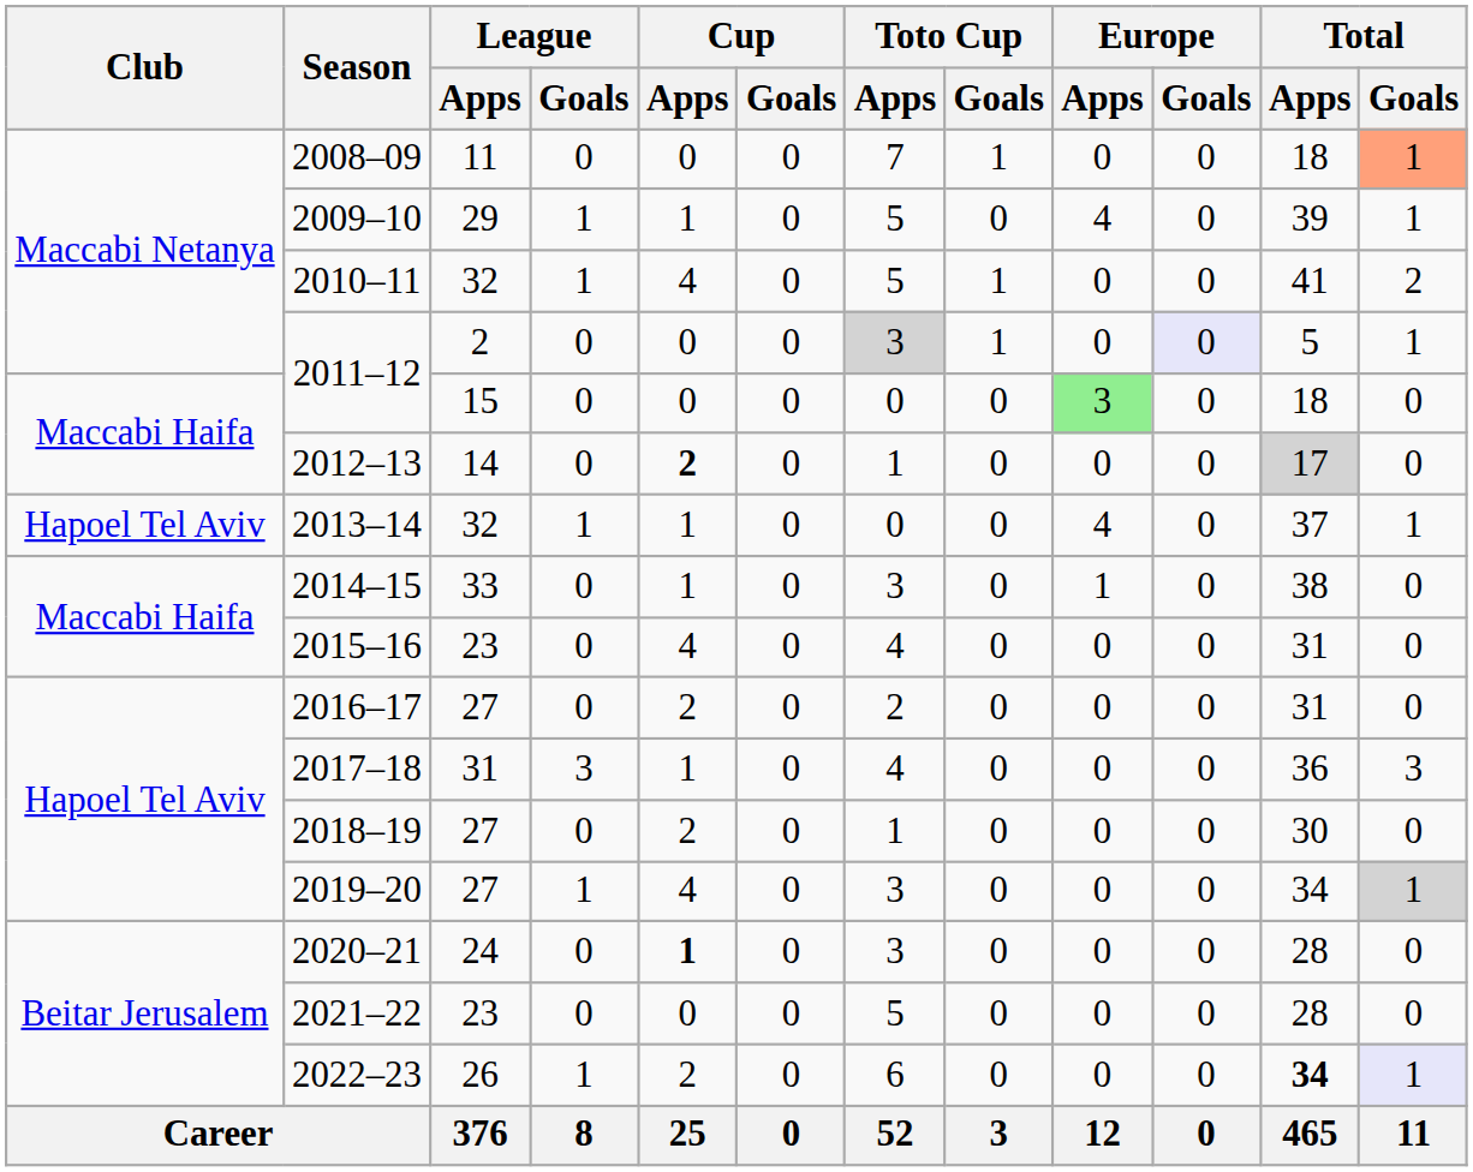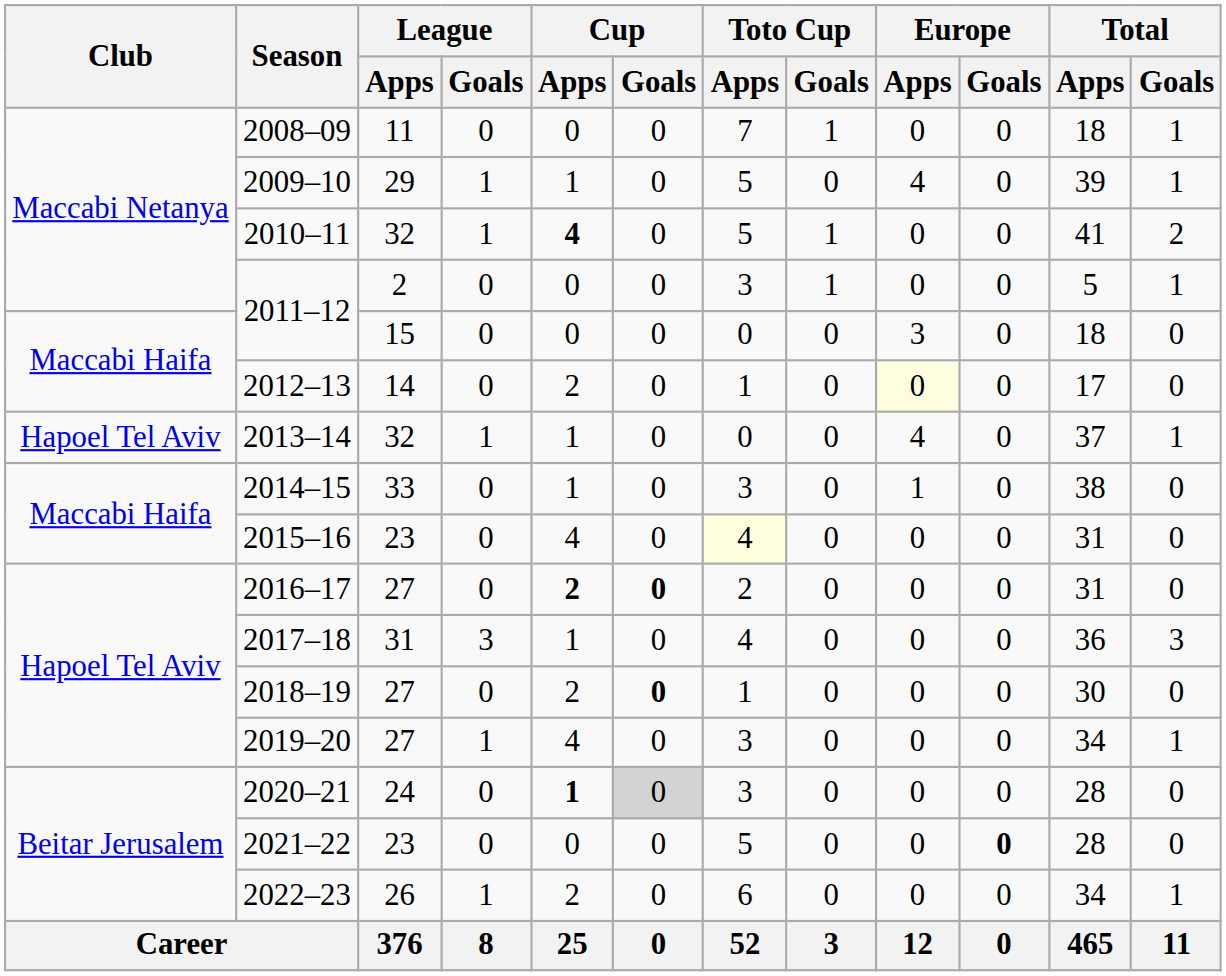 <table class="wikitable" style="font-size:90%; text-align: center;">
 <tr>
 <th rowspan="2">Club</th>
 <th rowspan="2">Season</th>
 <th colspan="2">League</th>
 <th colspan="2">Cup</th>
 <th colspan="2">Toto Cup</th>
 <th colspan="2">Europe</th>
 <th colspan="2">Total</th>
 </tr>
 <tr>
 <th>Apps</th>
 <th>Goals</th>
 <th>Apps</th>
 <th>Goals</th>
 <th>Apps</th>
 <th>Goals</th>
 <th>Apps</th>
 <th>Goals</th>
 <th>Apps</th>
 <th>Goals</th>
 </tr>
 <tr |-||-||-|>
 <td rowspan="4"><a href='#'>Maccabi Netanya</a></td>
 <td>2008–09</td>
 <td>11</td>
 <td>0</td>
 <td>0</td>
 <td>0</td>
 <td>7</td>
 <td>1</td>
 <td>0</td>
 <td>0</td>
 <td>18</td>
-<td style="background: lightsalmon;">1</td>
+<td>1</td>
 </tr>
 <tr>
 <td>2009–10</td>
 <td>29</td>
 <td>1</td>
 <td>1</td>
 <td>0</td>
 <td>5</td>
 <td>0</td>
 <td>4</td>
 <td>0</td>
 <td>39</td>
 <td>1</td>
 </tr>
 <tr>
 <td>2010–11</td>
 <td>32</td>
 <td>1</td>
-<td>4</td>
+<td><strong>4</strong></td>
 <td>0</td>
 <td>5</td>
 <td>1</td>
 <td>0</td>
 <td>0</td>
 <td>41</td>
 <td>2</td>
 </tr>
 <tr>
 <td rowspan="2">2011–12</td>
 <td>2</td>
 <td>0</td>
 <td>0</td>
 <td>0</td>
-<td style="background: lightgrey;">3</td>
+<td>3</td>
 <td>1</td>
 <td>0</td>
-<td style="background: lavender;">0</td>
+<td>0</td>
 <td>5</td>
 <td>1</td>
 </tr>
 <tr>
 <td rowspan="2"><a href='#'>Maccabi Haifa</a></td>
 <td>15</td>
 <td>0</td>
 <td>0</td>
 <td>0</td>
 <td>0</td>
 <td>0</td>
-<td style="background: lightgreen;">3</td>
+<td>3</td>
 <td>0</td>
 <td>18</td>
 <td>0</td>
 </tr>
 <tr>
 <td>2012–13</td>
 <td>14</td>
 <td>0</td>
-<td><strong>2</strong></td>
+<td>2</td>
 <td>0</td>
 <td>1</td>
 <td>0</td>
+<td style="background: lightyellow;">0</td>
 <td>0</td>
-<td>0</td>
-<td style="background: lightgrey;">17</td>
+<td>17</td>
 <td>0</td>
 </tr>
 <tr>
 <td rowspan="1"><a href='#'>Hapoel Tel Aviv</a></td>
 <td>2013–14</td>
 <td>32</td>
 <td>1</td>
 <td>1</td>
 <td>0</td>
 <td>0</td>
 <td>0</td>
 <td>4</td>
 <td>0</td>
 <td>37</td>
 <td>1</td>
 </tr>
 <tr 1>
 <td rowspan="2"><a href='#'>Maccabi Haifa</a></td>
 <td>2014–15</td>
 <td>33</td>
 <td>0</td>
 <td>1</td>
 <td>0</td>
 <td>3</td>
 <td>0</td>
 <td>1</td>
 <td>0</td>
 <td>38</td>
 <td>0</td>
 </tr>
 <tr>
 <td>2015–16</td>
 <td>23</td>
 <td>0</td>
 <td>4</td>
 <td>0</td>
-<td>4</td>
+<td style="background: lightyellow;">4</td>
 <td>0</td>
 <td>0</td>
 <td>0</td>
 <td>31</td>
 <td>0</td>
 </tr>
 <tr>
 <td rowspan="4"><a href='#'>Hapoel Tel Aviv</a></td>
 <td>2016–17</td>
 <td>27</td>
 <td>0</td>
-<td>2</td>
-<td>0</td>
+<td><strong>2</strong></td>
+<td><strong>0</strong></td>
 <td>2</td>
 <td>0</td>
 <td>0</td>
 <td>0</td>
 <td>31</td>
 <td>0</td>
 </tr>
 <tr>
 <td>2017–18</td>
 <td>31</td>
 <td>3</td>
 <td>1</td>
 <td>0</td>
 <td>4</td>
 <td>0</td>
 <td>0</td>
 <td>0</td>
 <td>36</td>
 <td>3</td>
 </tr>
 <tr>
 <td>2018–19</td>
 <td>27</td>
 <td>0</td>
 <td>2</td>
-<td>0</td>
+<td><strong>0</strong></td>
 <td>1</td>
 <td>0</td>
 <td>0</td>
 <td>0</td>
 <td>30</td>
 <td>0</td>
 </tr>
 <tr>
 <td>2019–20</td>
 <td>27</td>
 <td>1</td>
 <td>4</td>
 <td>0</td>
 <td>3</td>
 <td>0</td>
 <td>0</td>
 <td>0</td>
 <td>34</td>
-<td style="background: lightgrey;">1</td>
+<td>1</td>
 </tr>
 <tr>
 <td rowspan="3"><a href='#'>Beitar Jerusalem</a></td>
 <td>2020–21</td>
 <td>24</td>
 <td>0</td>
 <td><strong>1</strong></td>
-<td>0</td>
+<td style="background: lightgrey;">0</td>
 <td>3</td>
 <td>0</td>
 <td>0</td>
 <td>0</td>
 <td>28</td>
 <td>0</td>
 </tr>
 <tr>
 <td>2021–22</td>
 <td>23</td>
 <td>0</td>
 <td>0</td>
 <td>0</td>
 <td>5</td>
 <td>0</td>
 <td>0</td>
-<td>0</td>
+<td><strong>0</strong></td>
 <td>28</td>
 <td>0</td>
 </tr>
 <tr>
 <td>2022–23</td>
 <td>26</td>
 <td>1</td>
 <td>2</td>
 <td>0</td>
 <td>6</td>
 <td>0</td>
 <td>0</td>
 <td>0</td>
-<td><strong>34</strong></td>
-<td style="background: lavender;">1</td>
+<td>34</td>
+<td>1</td>
 </tr>
 <tr>
 <th colspan="2">Career</th>
 <th>376</th>
 <th>8</th>
 <th>25</th>
 <th>0</th>
 <th>52</th>
 <th>3</th>
 <th>12</th>
 <th>0</th>
 <th>465</th>
 <th>11</th>
 </tr>
 </table>
